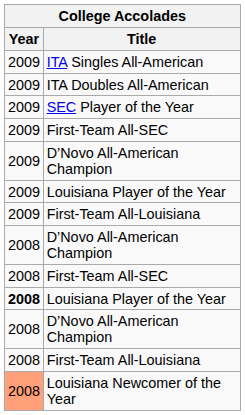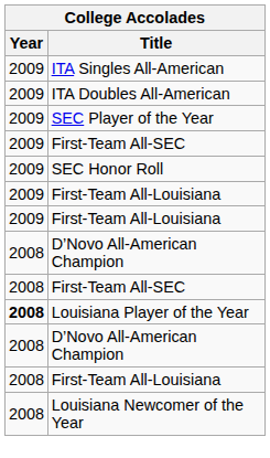 <table class="wikitable" style="font-size:90%">
 <tr>
 <th colspan="2">College Accolades</th>
 </tr>
 <tr>
 <th>Year</th>
 <th style="width:190px;">Title</th>
 </tr>
 <tr>
 <td>2009</td>
 <td><a href='#'>ITA</a> Singles All-American</td>
 </tr>
 <tr>
 <td>2009</td>
 <td>ITA Doubles All-American</td>
 </tr>
 <tr>
 <td>2009</td>
 <td><a href='#'>SEC</a> Player of the Year</td>
 </tr>
 <tr>
 <td>2009</td>
 <td>First-Team All-SEC</td>
 </tr>
 <tr>
 <td>2009</td>
-<td>D’Novo All-American Champion</td>
+<td>SEC Honor Roll</td>
 </tr>
 <tr>
 <td>2009</td>
-<td>Louisiana Player of the Year</td>
+<td>First-Team All-Louisiana</td>
 </tr>
 <tr>
 <td>2009</td>
 <td>First-Team All-Louisiana</td>
 </tr>
 <tr>
 <td>2008</td>
 <td>D’Novo All-American Champion</td>
 </tr>
 <tr>
 <td>2008</td>
 <td>First-Team All-SEC</td>
 </tr>
 <tr>
 <td><strong>2008</strong></td>
 <td>Louisiana Player of the Year</td>
 </tr>
 <tr>
 <td>2008</td>
 <td>D’Novo All-American Champion</td>
 </tr>
 <tr>
 <td>2008</td>
 <td>First-Team All-Louisiana</td>
 </tr>
 <tr>
-<td style="background: lightsalmon;">2008</td>
+<td>2008</td>
 <td>Louisiana Newcomer of the Year</td>
 </tr>
 </table>
